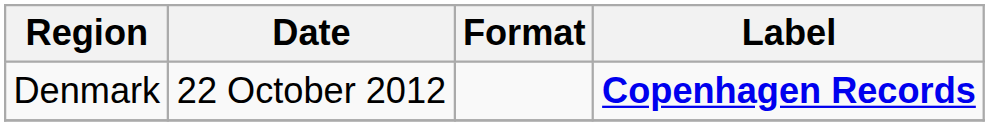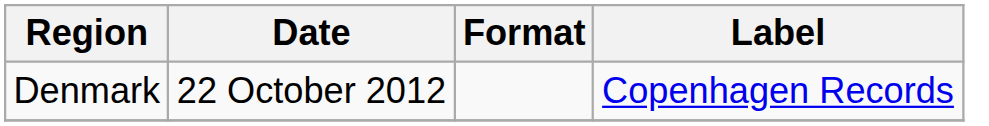 <table class=wikitable>
 <tr>
 <th>Region</th>
 <th>Date</th>
 <th>Format</th>
 <th>Label</th>
 </tr>
 <tr>
 <td>Denmark</td>
 <td>22 October 2012</td>
 <td></td>
-<td><strong><a href='#'>Copenhagen Records</a></strong></td>
+<td><a href='#'>Copenhagen Records</a></td>
 </tr>
 <tr>
 </tr>
 </table>
